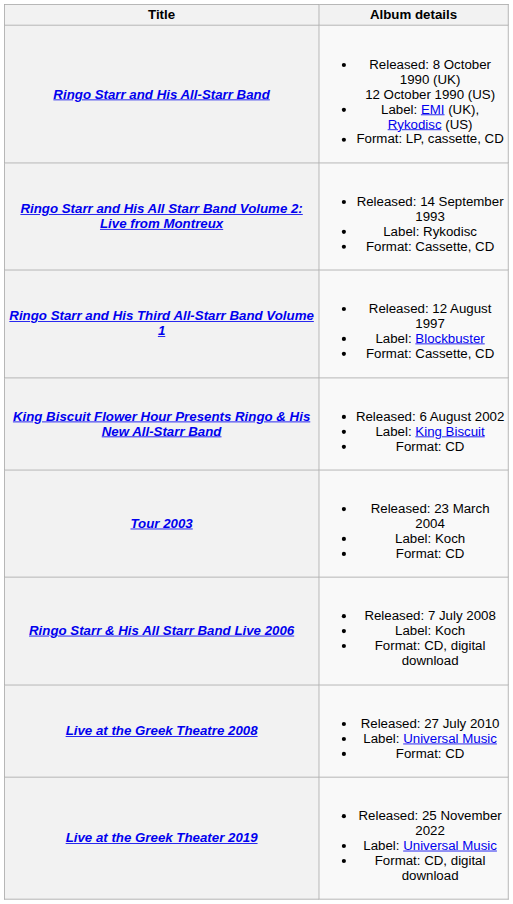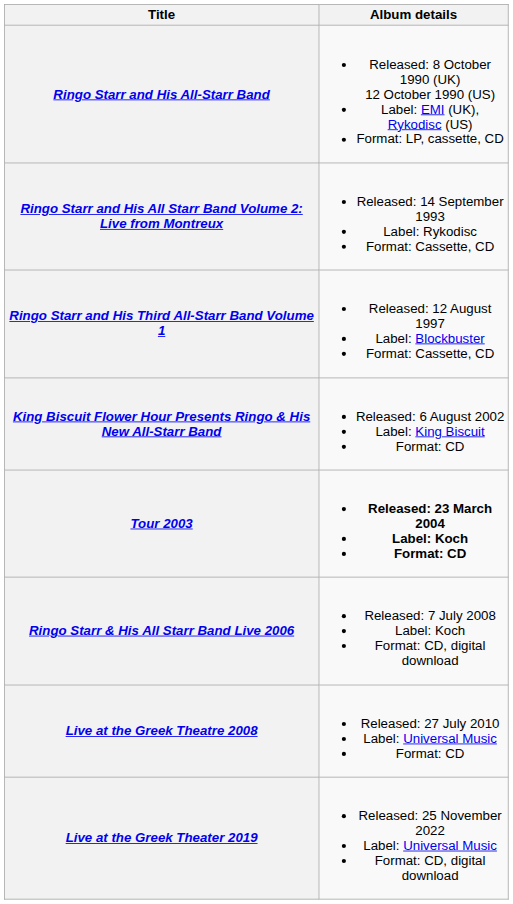 <table class="wikitable plainrowheaders" style="text-align:center;">
 <tr>
 <th scope="col">Title</th>
 <th scope="col">Album details</th>
 </tr>
 <tr>
 <th scope="row"><em><a href='#'>Ringo Starr and His All-Starr Band</a></em></th>
 <td><br><ul><li>Released: 8 October 1990 (UK)<br>12 October 1990 (US)</li><li>Label: <a href='#'>EMI</a> (UK), <a href='#'>Rykodisc</a> (US)</li><li>Format: LP, cassette, CD</li></ul></td>
 </tr>
 <tr>
 <th scope="row"><em><a href='#'>Ringo Starr and His All Starr Band Volume 2: Live from Montreux</a></em></th>
 <td><br><ul><li>Released: 14 September 1993</li><li>Label: Rykodisc</li><li>Format: Cassette, CD</li></ul></td>
 </tr>
 <tr>
 <th scope="row"><em><a href='#'>Ringo Starr and His Third All-Starr Band Volume 1</a></em></th>
 <td><br><ul><li>Released: 12 August 1997</li><li>Label: <a href='#'>Blockbuster</a></li><li>Format: Cassette, CD</li></ul></td>
 </tr>
 <tr>
 <th scope="row"><em><a href='#'>King Biscuit Flower Hour Presents Ringo & His New All-Starr Band</a></em></th>
 <td><br><ul><li>Released: 6 August 2002</li><li>Label: <a href='#'>King Biscuit</a></li><li>Format: CD</li></ul></td>
 </tr>
 <tr>
 <th scope="row"><em><a href='#'>Tour 2003</a></em></th>
-<td><br><ul><li>Released: 23 March 2004</li><li>Label: Koch</li><li>Format: CD</li></ul></td>
+<td><strong><br><ul><li>Released: 23 March 2004</li><li>Label: Koch</li><li>Format: CD</li></ul></strong></td>
 </tr>
 <tr>
 <th scope="row"><em><a href='#'>Ringo Starr & His All Starr Band Live 2006</a></em></th>
 <td><br><ul><li>Released: 7 July 2008</li><li>Label: Koch</li><li>Format: CD, digital download</li></ul></td>
 </tr>
 <tr>
 <th scope="row"><em><a href='#'>Live at the Greek Theatre 2008</a></em></th>
 <td><br><ul><li>Released: 27 July 2010</li><li>Label: <a href='#'>Universal Music</a></li><li>Format: CD</li></ul></td>
 </tr>
 <tr>
 <th scope="row"><em><a href='#'>Live at the Greek Theater 2019</a></em></th>
 <td><br><ul><li>Released: 25 November 2022</li><li>Label: <a href='#'>Universal Music</a></li><li>Format: CD, digital download</li></ul></td>
 </tr>
 </table>
